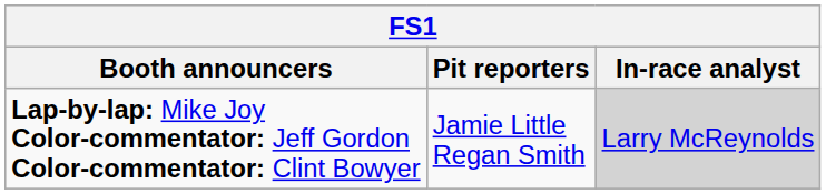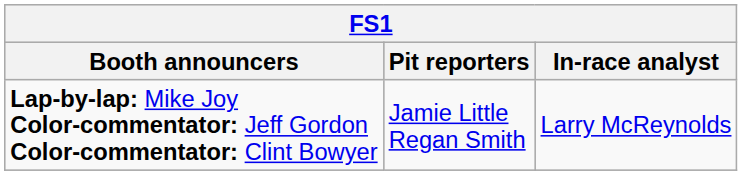 <table class="wikitable" style="font-size: 95%">
 <tr>
 <th colspan="3"><a href='#'>FS1</a></th>
 </tr>
 <tr>
 <th>Booth announcers</th>
 <th>Pit reporters</th>
 <th>In-race analyst</th>
 </tr>
 <tr>
 <td><strong>Lap-by-lap:</strong> <a href='#'>Mike Joy</a><br><strong>Color-commentator:</strong> <a href='#'>Jeff Gordon</a><br><strong>Color-commentator:</strong> <a href='#'>Clint Bowyer</a></td>
 <td><a href='#'>Jamie Little</a><br><a href='#'>Regan Smith</a></td>
-<td style="background: lightgrey;"><a href='#'>Larry McReynolds</a></td>
+<td><a href='#'>Larry McReynolds</a></td>
 </tr>
 </table>
